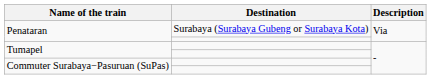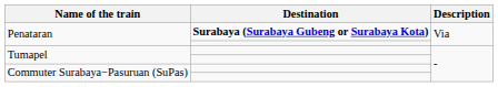 <table class="wikitable sortable">
 <tr>
 <th>Name of the train</th>
 <th>Destination</th>
 <th>Description</th>
 </tr>
 <tr>
 <td rowspan="2">Penataran</td>
-<td>Surabaya (<a href='#'>Surabaya Gubeng</a> or <a href='#'>Surabaya Kota</a>)</td>
+<td><strong>Surabaya (<a href='#'>Surabaya Gubeng</a> or <a href='#'>Surabaya Kota</a>)</strong></td>
 <td rowspan="2">Via </td>
 </tr>
 <tr>
 <td></td>
 </tr>
 <tr>
 <td rowspan="2">Tumapel</td>
 <td></td>
 <td rowspan="4">-</td>
 </tr>
 <tr>
 <td></td>
 </tr>
 <tr>
 <td rowspan="2">Commuter Surabaya−Pasuruan (SuPas)</td>
 <td></td>
 </tr>
 <tr>
 <td></td>
 </tr>
 </table>
